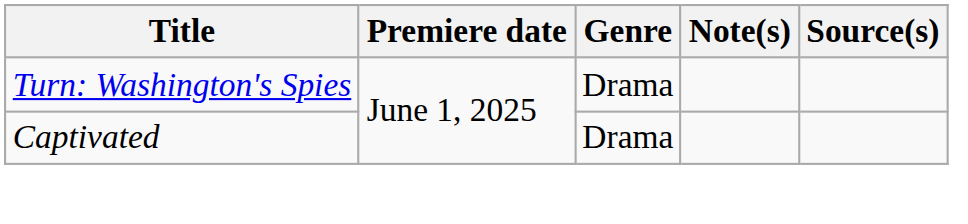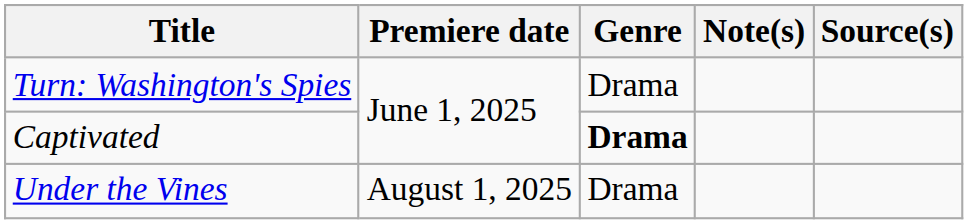 <table class="wikitable sortable">
 <tr>
 <th>Title</th>
 <th>Premiere date</th>
 <th>Genre</th>
 <th>Note(s)</th>
 <th>Source(s)</th>
 </tr>
 <tr>
 <td><em><a href='#'>Turn: Washington's Spies</a></em></td>
 <td rowspan="2">June 1, 2025</td>
 <td>Drama</td>
 <td></td>
 <td></td>
 </tr>
 <tr>
 <td><em>Captivated</em></td>
+<td><strong>Drama</strong></td>
+<td></td>
+<td></td>
+</tr>
+<tr>
+<td><em><a href='#'>Under the Vines</a></em></td>
+<td>August 1, 2025</td>
 <td>Drama</td>
 <td></td>
 <td></td>
 </tr>
 </table>
